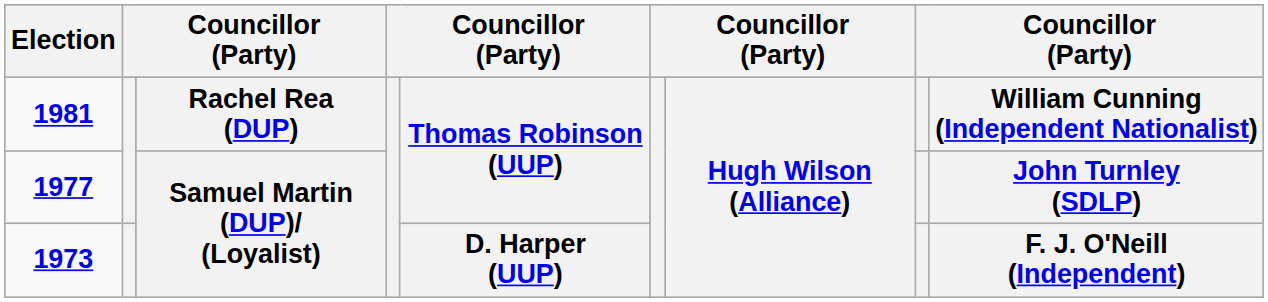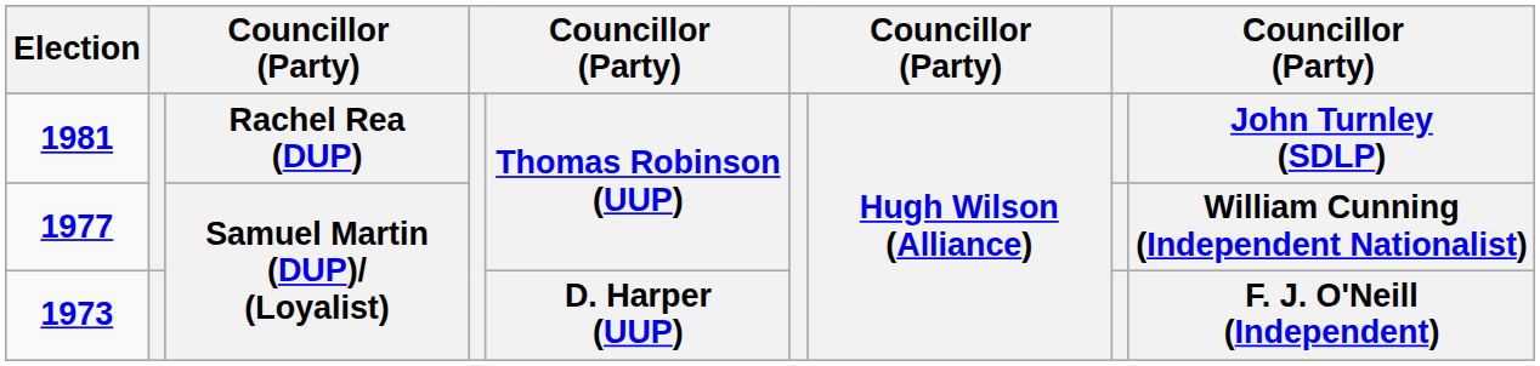 <table class="wikitable" style="text-align:center">
 <tr>
 <th scope="col" width="50">Election</th>
 <th scope="col" width="150" colspan = "2">Councillor<br> (Party)</th>
 <th scope="col" width="150" colspan = "2">Councillor<br> (Party)</th>
 <th scope="col" width="150" colspan = "2">Councillor<br> (Party)</th>
 <th scope="col" width="150" colspan = "2">Councillor<br> (Party)</th>
 </tr>
 <tr>
 <td><strong><a href='#'>1981</a></strong></td>
 <th rowspan="2" width="1" style="background-color: "></th>
 <th rowspan = "1">Rachel Rea <br> (<a href='#'>DUP</a>)</th>
 <th rowspan="3" width="1" style="background-color: "></th>
 <th rowspan = "2"><a href='#'>Thomas Robinson</a> <br> (<a href='#'>UUP</a>)</th>
 <th rowspan="3" width="1" style="background-color: "></th>
 <th rowspan = "3"><a href='#'>Hugh Wilson</a> <br> (<a href='#'>Alliance</a>)</th>
 <th rowspan="1" width="1" style="background-color: "></th>
-<th rowspan = "1">William Cunning <br> (<a href='#'>Independent Nationalist</a>)</th>
+<th rowspan = "1"><a href='#'>John Turnley</a> <br> (<a href='#'>SDLP</a>)</th>
 </tr>
 <tr>
 <td><strong><a href='#'>1977</a></strong></td>
 <th rowspan = "2">Samuel Martin <br> (<a href='#'>DUP</a>)/ <br> (Loyalist)</th>
 <th rowspan="1" width="1" style="background-color: "></th>
-<th rowspan = "1"><a href='#'>John Turnley</a> <br> (<a href='#'>SDLP</a>)</th>
+<th rowspan = "1">William Cunning <br> (<a href='#'>Independent Nationalist</a>)</th>
 </tr>
 <tr>
 <td><strong><a href='#'>1973</a></strong></td>
 <th rowspan="1" width="1" style="background-color: "></th>
 <th rowspan = "1">D. Harper <br> (<a href='#'>UUP</a>)</th>
 <th rowspan="1" width="1" style="background-color: "></th>
 <th rowspan = "1">F. J. O'Neill <br> (<a href='#'>Independent</a>)</th>
 </tr>
 </table>
